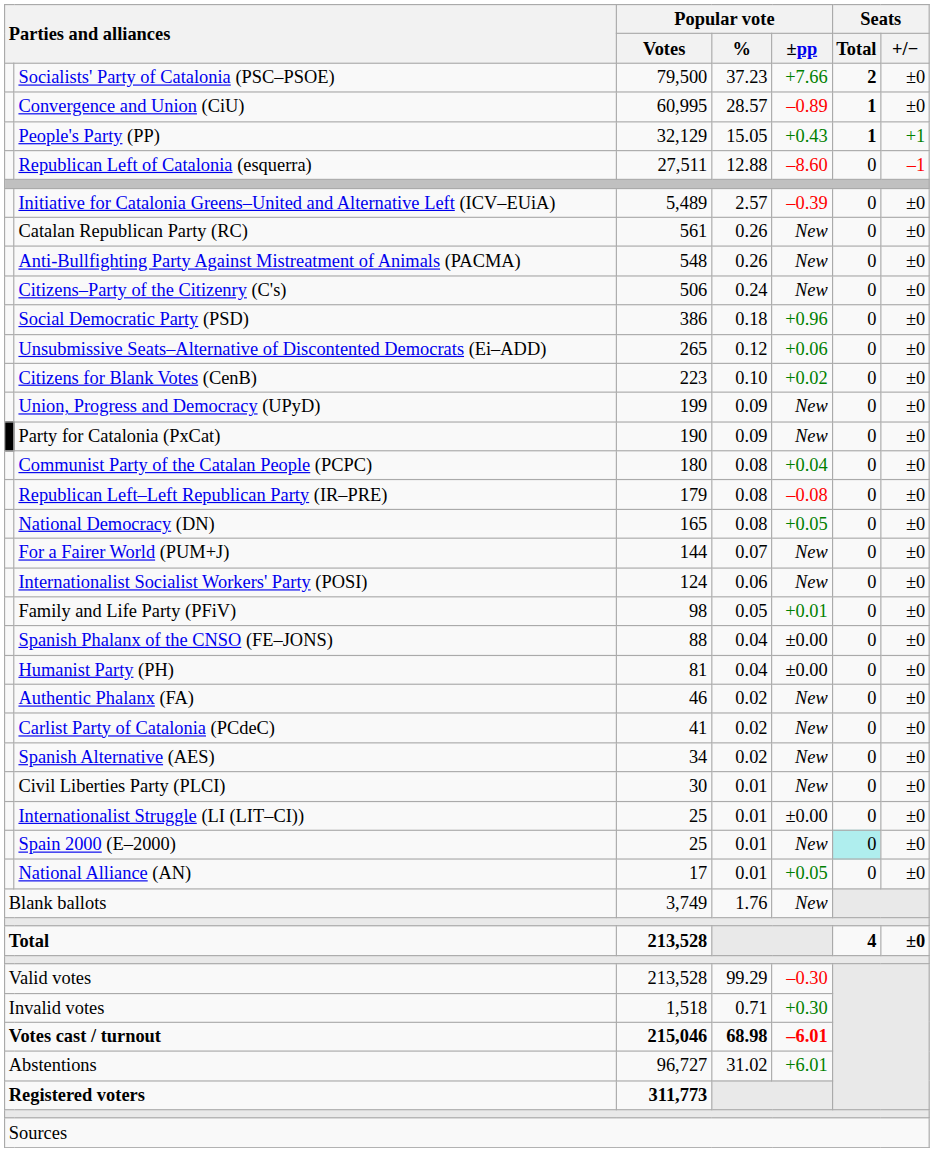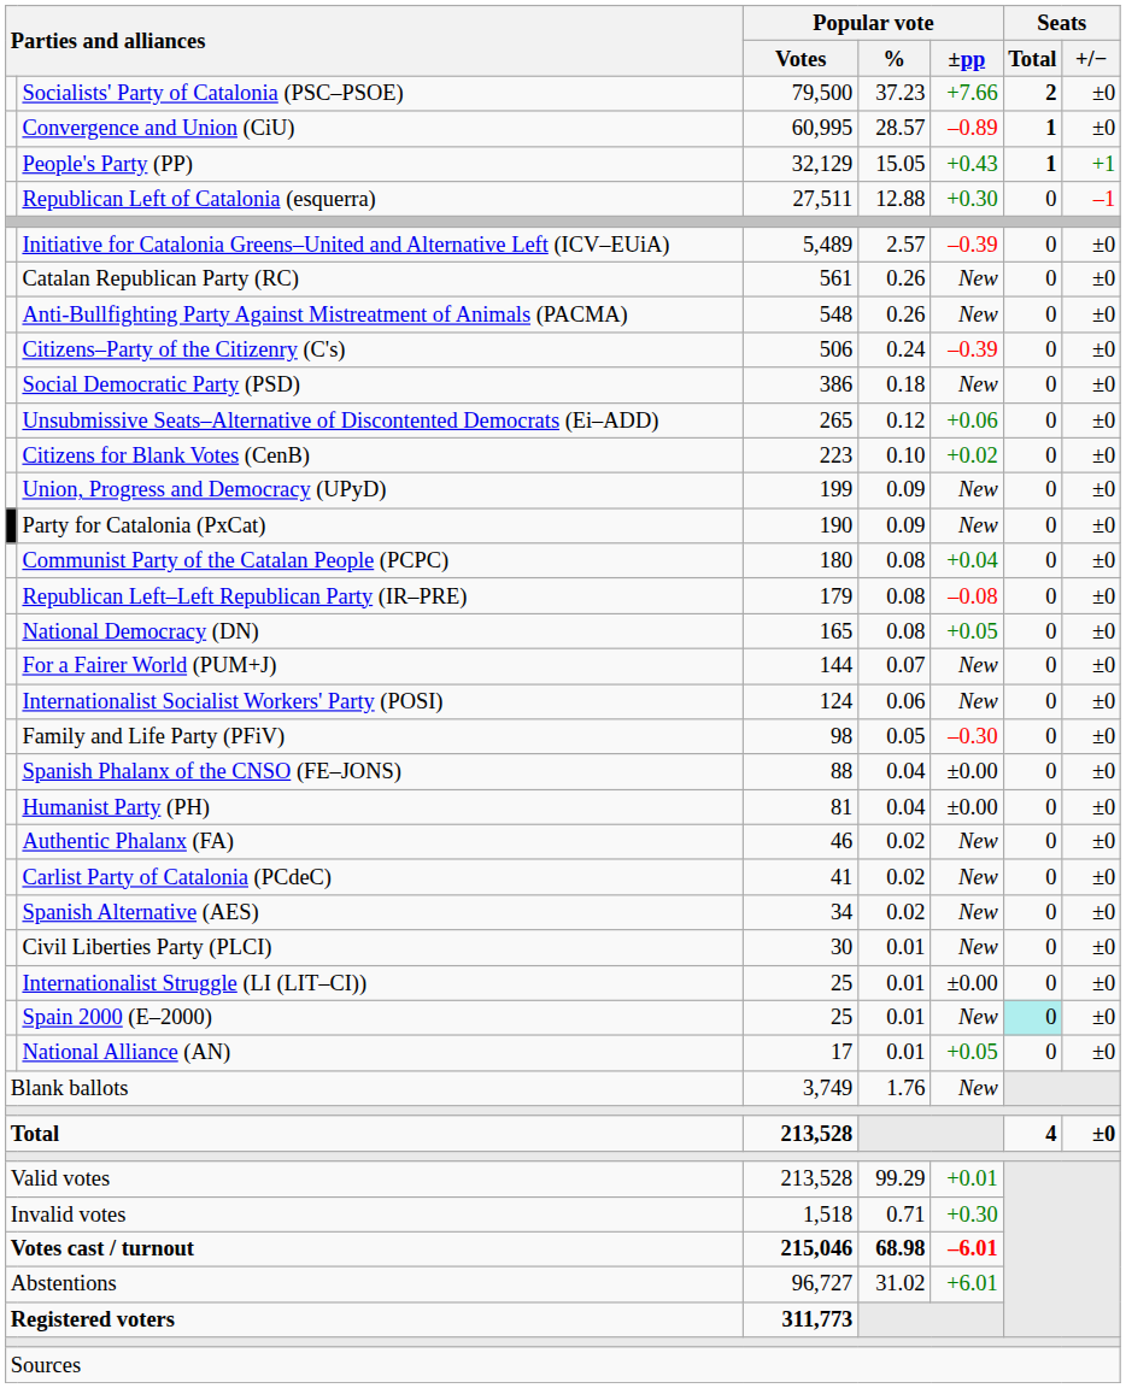 <table class="wikitable" style="text-align:right;">
 <tr>
 <th style="text-align:left;" rowspan="2" colspan="2" width="525">Parties and alliances</th>
 <th colspan="3">Popular vote</th>
 <th colspan="2">Seats</th>
 </tr>
 <tr>
 <th width="75">Votes</th>
 <th width="45">%</th>
 <th width="45">±<a href='#'>pp</a></th>
 <th width="35">Total</th>
 <th width="35">+/−</th>
 </tr>
 <tr>
 <td width="1" style="color:inherit;background:"></td>
 <td align="left"><a href='#'>Socialists' Party of Catalonia</a> (PSC–PSOE)</td>
 <td>79,500</td>
 <td>37.23</td>
 <td style="color:green;">+7.66</td>
 <td><strong>2</strong></td>
 <td>±0</td>
 </tr>
 <tr>
 <td style="color:inherit;background:"></td>
 <td align="left"><a href='#'>Convergence and Union</a> (CiU)</td>
 <td>60,995</td>
 <td>28.57</td>
 <td style="color:red;">–0.89</td>
 <td><strong>1</strong></td>
 <td>±0</td>
 </tr>
 <tr>
 <td style="color:inherit;background:"></td>
 <td align="left"><a href='#'>People's Party</a> (PP)</td>
 <td>32,129</td>
 <td>15.05</td>
 <td style="color:green;">+0.43</td>
 <td><strong>1</strong></td>
 <td style="color:green;">+1</td>
 </tr>
 <tr>
 <td style="color:inherit;background:"></td>
 <td align="left"><a href='#'>Republican Left of Catalonia</a> (esquerra)</td>
 <td>27,511</td>
 <td>12.88</td>
-<td style="color:red;">–8.60</td>
+<td style="color:green;">+0.30</td>
 <td>0</td>
 <td style="color:red;">–1</td>
 </tr>
 <tr>
 <td colspan="7" bgcolor="#C0C0C0"></td>
 </tr>
 <tr>
 <td style="color:inherit;background:"></td>
 <td align="left"><a href='#'>Initiative for Catalonia Greens–United and Alternative Left</a> (ICV–EUiA)</td>
 <td>5,489</td>
 <td>2.57</td>
 <td style="color:red;">–0.39</td>
 <td>0</td>
 <td>±0</td>
 </tr>
 <tr>
 <td style="color:inherit;background:"></td>
 <td align="left">Catalan Republican Party (RC)</td>
 <td>561</td>
 <td>0.26</td>
 <td><em>New</em></td>
 <td>0</td>
 <td>±0</td>
 </tr>
 <tr>
 <td style="color:inherit;background:"></td>
 <td align="left"><a href='#'>Anti-Bullfighting Party Against Mistreatment of Animals</a> (PACMA)</td>
 <td>548</td>
 <td>0.26</td>
 <td><em>New</em></td>
 <td>0</td>
 <td>±0</td>
 </tr>
 <tr>
 <td style="color:inherit;background:"></td>
 <td align="left"><a href='#'>Citizens–Party of the Citizenry</a> (C's)</td>
 <td>506</td>
 <td>0.24</td>
-<td><em>New</em></td>
+<td style="color:red;">–0.39</td>
 <td>0</td>
 <td>±0</td>
 </tr>
 <tr>
 <td style="color:inherit;background:"></td>
 <td align="left"><a href='#'>Social Democratic Party</a> (PSD)</td>
 <td>386</td>
 <td>0.18</td>
-<td style="color:green;">+0.96</td>
+<td><em>New</em></td>
 <td>0</td>
 <td>±0</td>
 </tr>
 <tr>
 <td style="color:inherit;background:"></td>
 <td align="left"><a href='#'>Unsubmissive Seats–Alternative of Discontented Democrats</a> (Ei–ADD)</td>
 <td>265</td>
 <td>0.12</td>
 <td style="color:green;">+0.06</td>
 <td>0</td>
 <td>±0</td>
 </tr>
 <tr>
 <td style="color:inherit;background:"></td>
 <td align="left"><a href='#'>Citizens for Blank Votes</a> (CenB)</td>
 <td>223</td>
 <td>0.10</td>
 <td style="color:green;">+0.02</td>
 <td>0</td>
 <td>±0</td>
 </tr>
 <tr>
 <td style="color:inherit;background:"></td>
 <td align="left"><a href='#'>Union, Progress and Democracy</a> (UPyD)</td>
 <td>199</td>
 <td>0.09</td>
 <td><em>New</em></td>
 <td>0</td>
 <td>±0</td>
 </tr>
 <tr>
 <td bgcolor="black"></td>
 <td align="left">Party for Catalonia (PxCat)</td>
 <td>190</td>
 <td>0.09</td>
 <td><em>New</em></td>
 <td>0</td>
 <td>±0</td>
 </tr>
 <tr>
 <td style="color:inherit;background:"></td>
 <td align="left"><a href='#'>Communist Party of the Catalan People</a> (PCPC)</td>
 <td>180</td>
 <td>0.08</td>
 <td style="color:green;">+0.04</td>
 <td>0</td>
 <td>±0</td>
 </tr>
 <tr>
 <td style="color:inherit;background:"></td>
 <td align="left"><a href='#'>Republican Left–Left Republican Party</a> (IR–PRE)</td>
 <td>179</td>
 <td>0.08</td>
 <td style="color:red;">–0.08</td>
 <td>0</td>
 <td>±0</td>
 </tr>
 <tr>
 <td style="color:inherit;background:"></td>
 <td align="left"><a href='#'>National Democracy</a> (DN)</td>
 <td>165</td>
 <td>0.08</td>
 <td style="color:green;">+0.05</td>
 <td>0</td>
 <td>±0</td>
 </tr>
 <tr>
 <td style="color:inherit;background:"></td>
 <td align="left"><a href='#'>For a Fairer World</a> (PUM+J)</td>
 <td>144</td>
 <td>0.07</td>
 <td><em>New</em></td>
 <td>0</td>
 <td>±0</td>
 </tr>
 <tr>
 <td style="color:inherit;background:"></td>
 <td align="left"><a href='#'>Internationalist Socialist Workers' Party</a> (POSI)</td>
 <td>124</td>
 <td>0.06</td>
 <td><em>New</em></td>
 <td>0</td>
 <td>±0</td>
 </tr>
 <tr>
 <td style="color:inherit;background:"></td>
 <td align="left">Family and Life Party (PFiV)</td>
 <td>98</td>
 <td>0.05</td>
-<td style="color:green;">+0.01</td>
+<td style="color:red;">–0.30</td>
 <td>0</td>
 <td>±0</td>
 </tr>
 <tr>
 <td style="color:inherit;background:"></td>
 <td align="left"><a href='#'>Spanish Phalanx of the CNSO</a> (FE–JONS)</td>
 <td>88</td>
 <td>0.04</td>
 <td>±0.00</td>
 <td>0</td>
 <td>±0</td>
 </tr>
 <tr>
 <td style="color:inherit;background:"></td>
 <td align="left"><a href='#'>Humanist Party</a> (PH)</td>
 <td>81</td>
 <td>0.04</td>
 <td>±0.00</td>
 <td>0</td>
 <td>±0</td>
 </tr>
 <tr>
 <td style="color:inherit;background:"></td>
 <td align="left"><a href='#'>Authentic Phalanx</a> (FA)</td>
 <td>46</td>
 <td>0.02</td>
 <td><em>New</em></td>
 <td>0</td>
 <td>±0</td>
 </tr>
 <tr>
 <td style="color:inherit;background:"></td>
 <td align="left"><a href='#'>Carlist Party of Catalonia</a> (PCdeC)</td>
 <td>41</td>
 <td>0.02</td>
 <td><em>New</em></td>
 <td>0</td>
 <td>±0</td>
 </tr>
 <tr>
 <td style="color:inherit;background:"></td>
 <td align="left"><a href='#'>Spanish Alternative</a> (AES)</td>
 <td>34</td>
 <td>0.02</td>
 <td><em>New</em></td>
 <td>0</td>
 <td>±0</td>
 </tr>
 <tr>
 <td style="color:inherit;background:"></td>
 <td align="left">Civil Liberties Party (PLCI)</td>
 <td>30</td>
 <td>0.01</td>
 <td><em>New</em></td>
 <td>0</td>
 <td>±0</td>
 </tr>
 <tr>
 <td style="color:inherit;background:"></td>
 <td align="left"><a href='#'>Internationalist Struggle</a> (LI (LIT–CI))</td>
 <td>25</td>
 <td>0.01</td>
 <td>±0.00</td>
 <td>0</td>
 <td>±0</td>
 </tr>
 <tr>
 <td style="color:inherit;background:"></td>
 <td align="left"><a href='#'>Spain 2000</a> (E–2000)</td>
 <td>25</td>
 <td>0.01</td>
 <td><em>New</em></td>
 <td style="background: paleturquoise;">0</td>
 <td>±0</td>
 </tr>
 <tr>
 <td style="color:inherit;background:"></td>
 <td align="left"><a href='#'>National Alliance</a> (AN)</td>
 <td>17</td>
 <td>0.01</td>
 <td style="color:green;">+0.05</td>
 <td>0</td>
 <td>±0</td>
 </tr>
 <tr>
 <td align="left" colspan="2">Blank ballots</td>
 <td>3,749</td>
 <td>1.76</td>
 <td><em>New</em></td>
 <td bgcolor="#E9E9E9" colspan="2"></td>
 </tr>
 <tr>
 <td colspan="7" bgcolor="#E9E9E9"></td>
 </tr>
 <tr style="font-weight:bold;">
 <td align="left" colspan="2">Total</td>
 <td>213,528</td>
 <td bgcolor="#E9E9E9" colspan="2"></td>
 <td>4</td>
 <td>±0</td>
 </tr>
 <tr>
 <td colspan="7" bgcolor="#E9E9E9"></td>
 </tr>
 <tr>
 <td align="left" colspan="2">Valid votes</td>
 <td>213,528</td>
 <td>99.29</td>
-<td style="color:red;">–0.30</td>
+<td style="color:green;">+0.01</td>
 <td bgcolor="#E9E9E9" colspan="2" rowspan="5"></td>
 </tr>
 <tr>
 <td align="left" colspan="2">Invalid votes</td>
 <td>1,518</td>
 <td>0.71</td>
 <td style="color:green;">+0.30</td>
 </tr>
 <tr style="font-weight:bold;">
 <td align="left" colspan="2">Votes cast / turnout</td>
 <td>215,046</td>
 <td>68.98</td>
 <td style="color:red;">–6.01</td>
 </tr>
 <tr>
 <td align="left" colspan="2">Abstentions</td>
 <td>96,727</td>
 <td>31.02</td>
 <td style="color:green;">+6.01</td>
 </tr>
 <tr style="font-weight:bold;">
 <td align="left" colspan="2">Registered voters</td>
 <td>311,773</td>
 <td bgcolor="#E9E9E9" colspan="2"></td>
 </tr>
 <tr>
 <td colspan="7" bgcolor="#E9E9E9"></td>
 </tr>
 <tr>
 <td align="left" colspan="7">Sources</td>
 </tr>
 </table>
